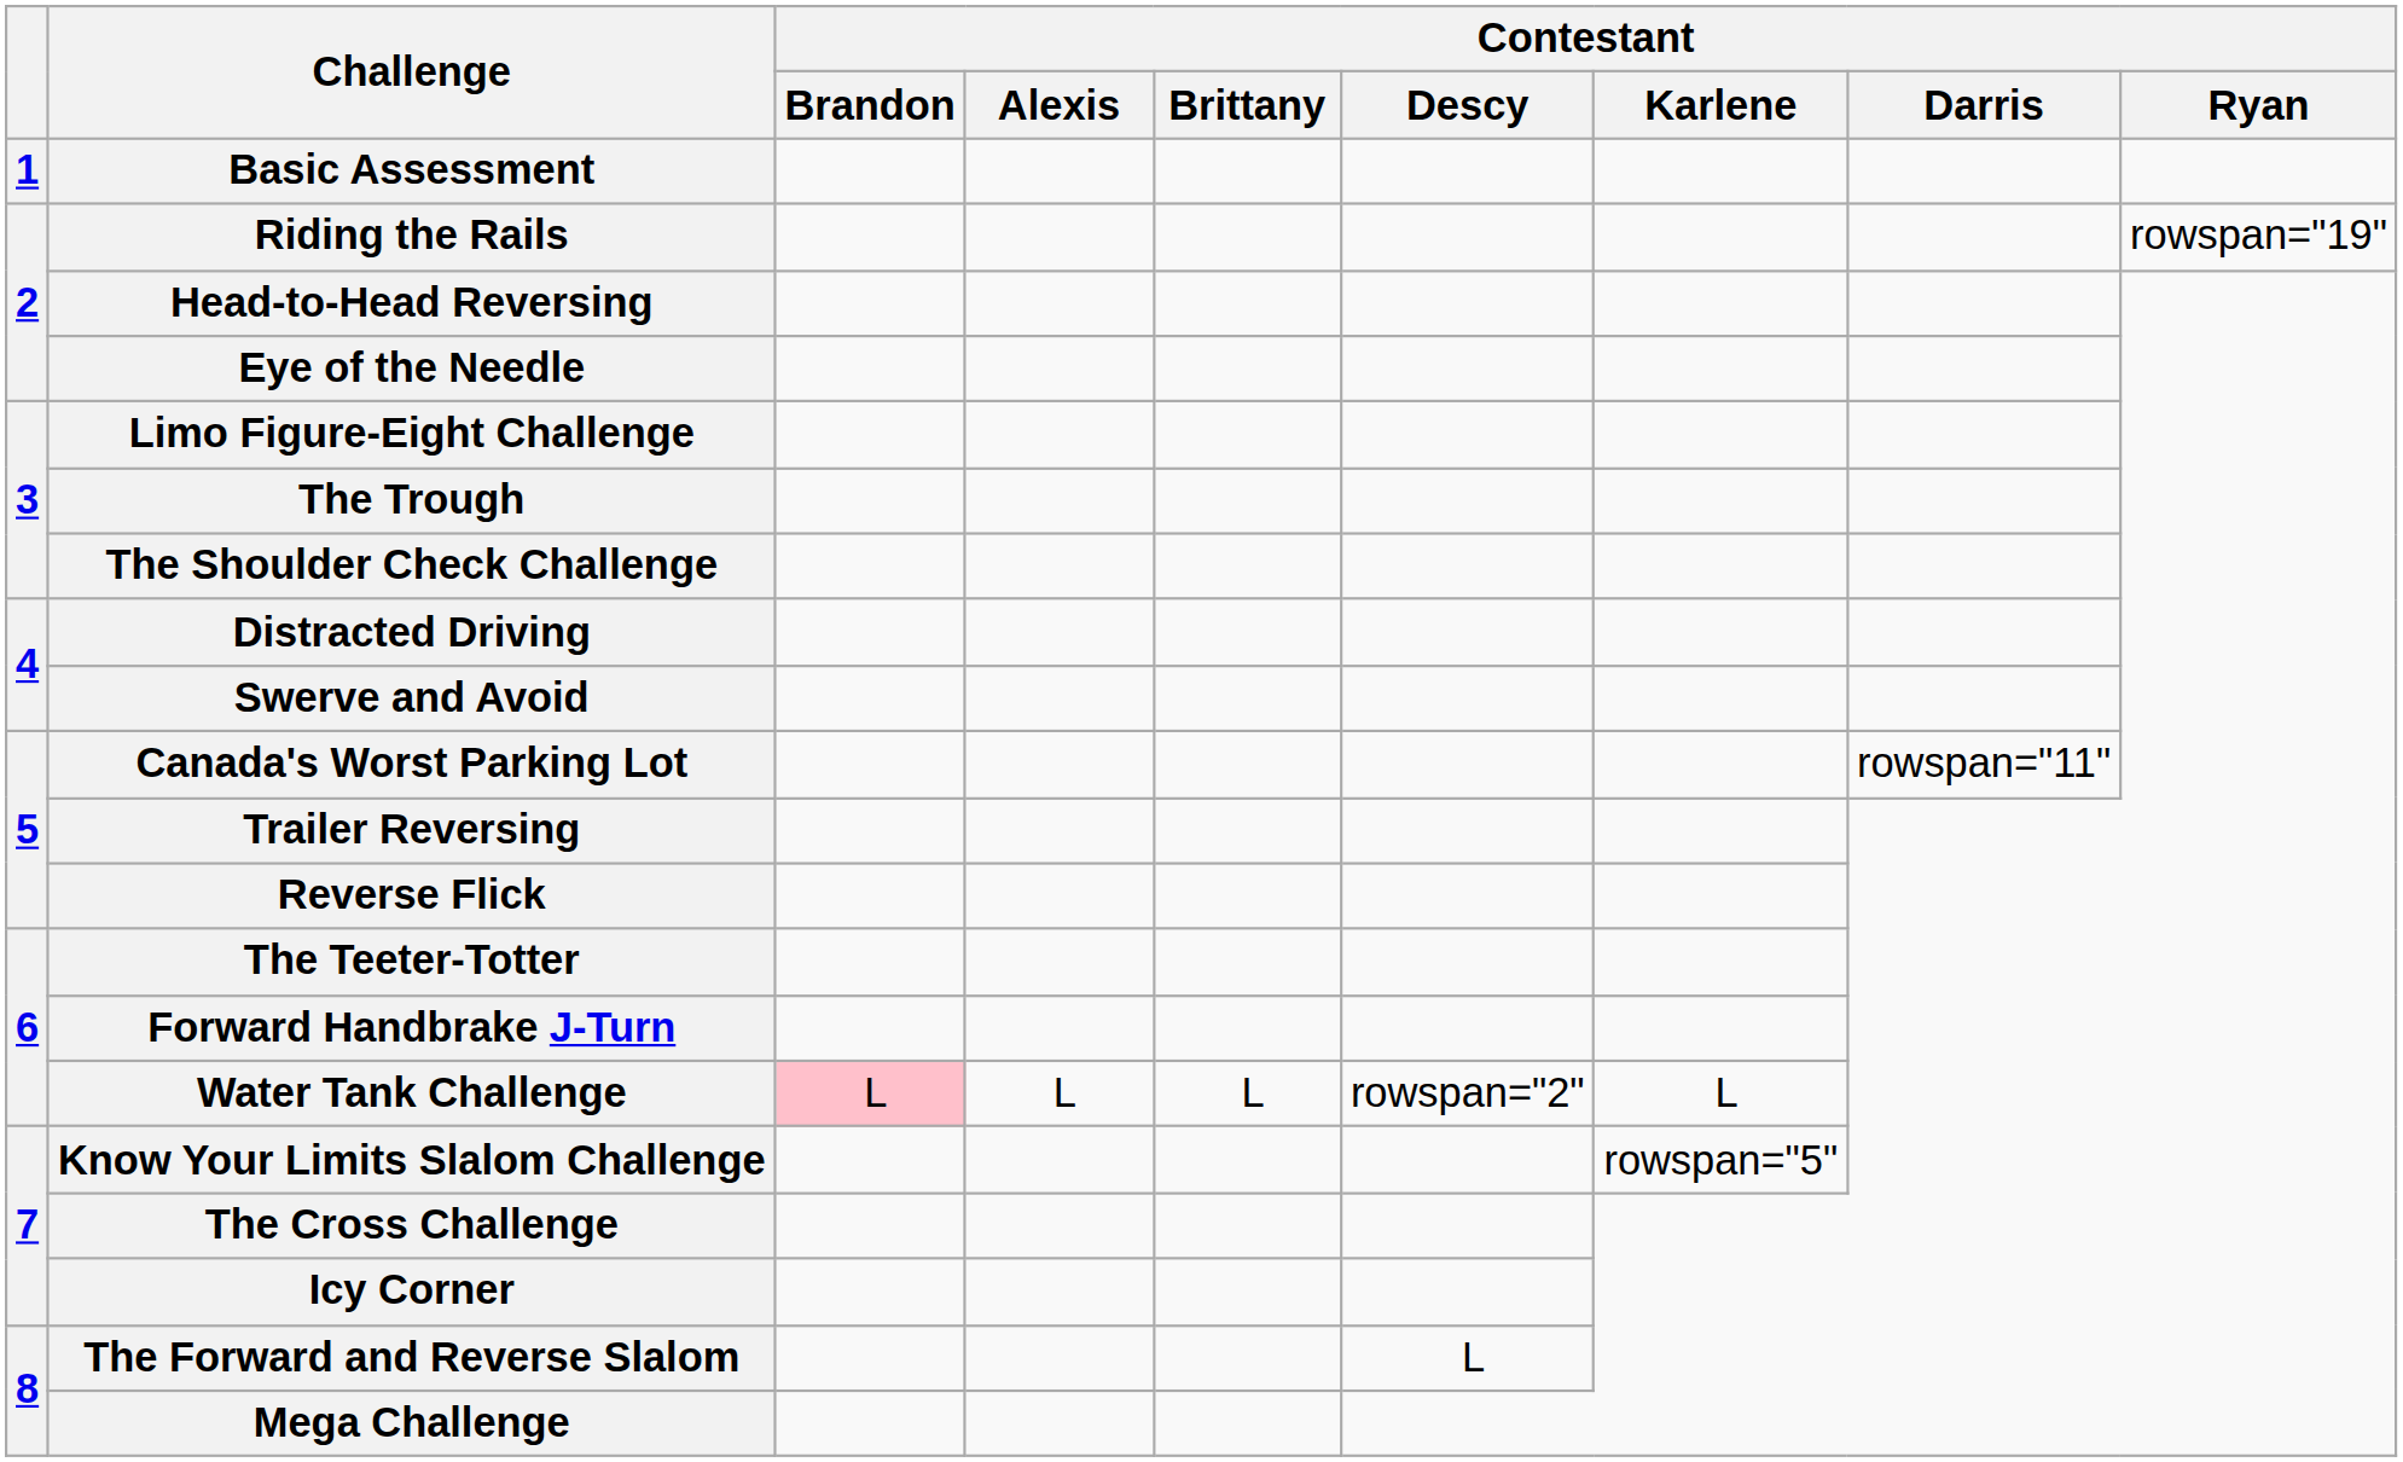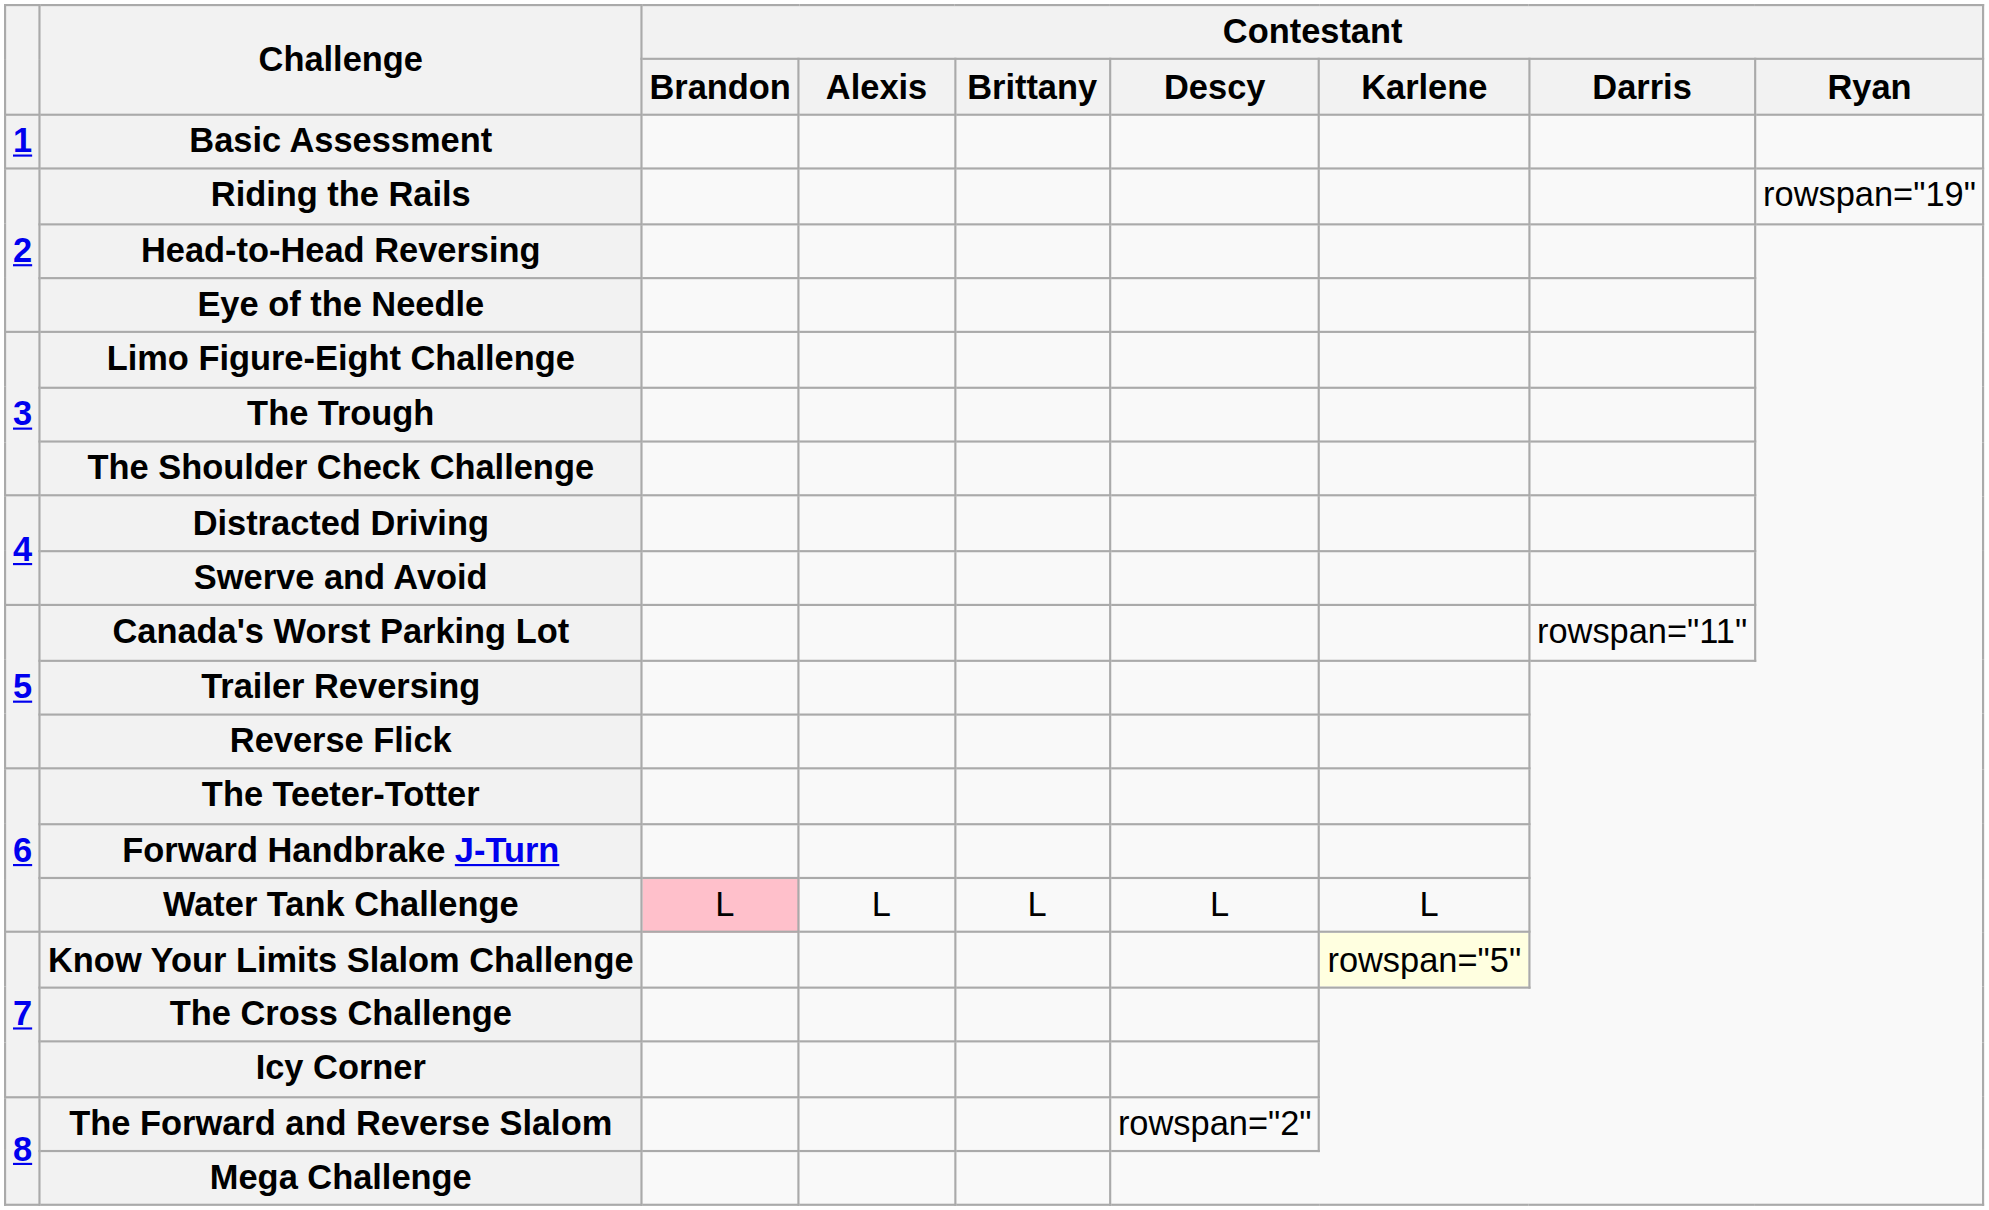 <table class="wikitable" style="text-align:center">
 <tr>
 <th rowspan="2"></th>
 <th rowspan="2">Challenge</th>
 <th colspan="7">Contestant</th>
 </tr>
 <tr>
 <th width="65px">Brandon</th>
 <th width="65px">Alexis</th>
 <th width="65px">Brittany</th>
 <th width="65px">Descy</th>
 <th width="65px">Karlene</th>
 <th width="65px">Darris</th>
 <th width="65px">Ryan</th>
 </tr>
 <tr>
 <th><a href='#'>1</a></th>
 <th>Basic Assessment</th>
 <td></td>
 <td></td>
 <td></td>
 <td></td>
 <td></td>
 <td></td>
 <td></td>
 </tr>
 <tr>
 <th rowspan="3"><a href='#'>2</a></th>
 <th>Riding the Rails</th>
 <td></td>
 <td></td>
 <td></td>
 <td></td>
 <td></td>
 <td></td>
 <td>rowspan="19" </td>
 </tr>
 <tr>
 <th>Head-to-Head Reversing</th>
 <td></td>
 <td></td>
 <td></td>
 <td></td>
 <td></td>
 <td></td>
 </tr>
 <tr>
 <th>Eye of the Needle</th>
 <td></td>
 <td></td>
 <td></td>
 <td></td>
 <td></td>
 <td></td>
 </tr>
 <tr>
 <th rowspan="3"><a href='#'>3</a></th>
 <th>Limo Figure-Eight Challenge</th>
 <td></td>
 <td></td>
 <td></td>
 <td></td>
 <td></td>
 <td></td>
 </tr>
 <tr>
 <th>The Trough</th>
 <td></td>
 <td></td>
 <td></td>
 <td></td>
 <td></td>
 <td></td>
 </tr>
 <tr>
 <th>The Shoulder Check Challenge</th>
 <td></td>
 <td></td>
 <td></td>
 <td></td>
 <td></td>
 <td></td>
 </tr>
 <tr>
 <th rowspan="2"><a href='#'>4</a></th>
 <th>Distracted Driving</th>
 <td></td>
 <td></td>
 <td></td>
 <td></td>
 <td></td>
 <td></td>
 </tr>
 <tr>
 <th>Swerve and Avoid</th>
 <td></td>
 <td></td>
 <td></td>
 <td></td>
 <td></td>
 <td></td>
 </tr>
 <tr>
 <th rowspan="3"><a href='#'>5</a></th>
 <th>Canada's Worst Parking Lot</th>
 <td></td>
 <td></td>
 <td></td>
 <td></td>
 <td></td>
 <td>rowspan="11" </td>
 </tr>
 <tr>
 <th>Trailer Reversing</th>
 <td></td>
 <td></td>
 <td></td>
 <td></td>
 <td></td>
 </tr>
 <tr>
 <th>Reverse Flick</th>
 <td></td>
 <td></td>
 <td></td>
 <td></td>
 <td></td>
 </tr>
 <tr>
 <th rowspan="3"><a href='#'>6</a></th>
 <th>The Teeter-Totter</th>
 <td></td>
 <td></td>
 <td></td>
 <td></td>
 <td></td>
 </tr>
 <tr>
 <th>Forward Handbrake <a href='#'>J-Turn</a></th>
 <td></td>
 <td></td>
 <td></td>
 <td></td>
 <td></td>
 </tr>
 <tr>
 <th>Water Tank Challenge</th>
 <td style="background: pink;"> L</td>
 <td> L</td>
 <td> L</td>
-<td>rowspan="2" </td>
+<td> L</td>
 <td> L</td>
 </tr>
 <tr>
 <th rowspan="3"><a href='#'>7</a></th>
 <th>Know Your Limits Slalom Challenge</th>
 <td></td>
 <td></td>
 <td></td>
 <td></td>
-<td>rowspan="5" </td>
+<td style="background: lightyellow;">rowspan="5" </td>
 </tr>
 <tr>
 <th>The Cross Challenge</th>
 <td></td>
 <td></td>
 <td></td>
 <td></td>
 </tr>
 <tr>
 <th>Icy Corner</th>
 <td></td>
 <td></td>
 <td></td>
 <td></td>
 </tr>
 <tr>
 <th rowspan="2"><a href='#'>8</a></th>
 <th>The Forward and Reverse Slalom</th>
 <td></td>
 <td></td>
 <td></td>
-<td> L</td>
+<td>rowspan="2" </td>
 </tr>
 <tr>
 <th>Mega Challenge</th>
 <td></td>
 <td></td>
 <td></td>
 </tr>
 </table>
